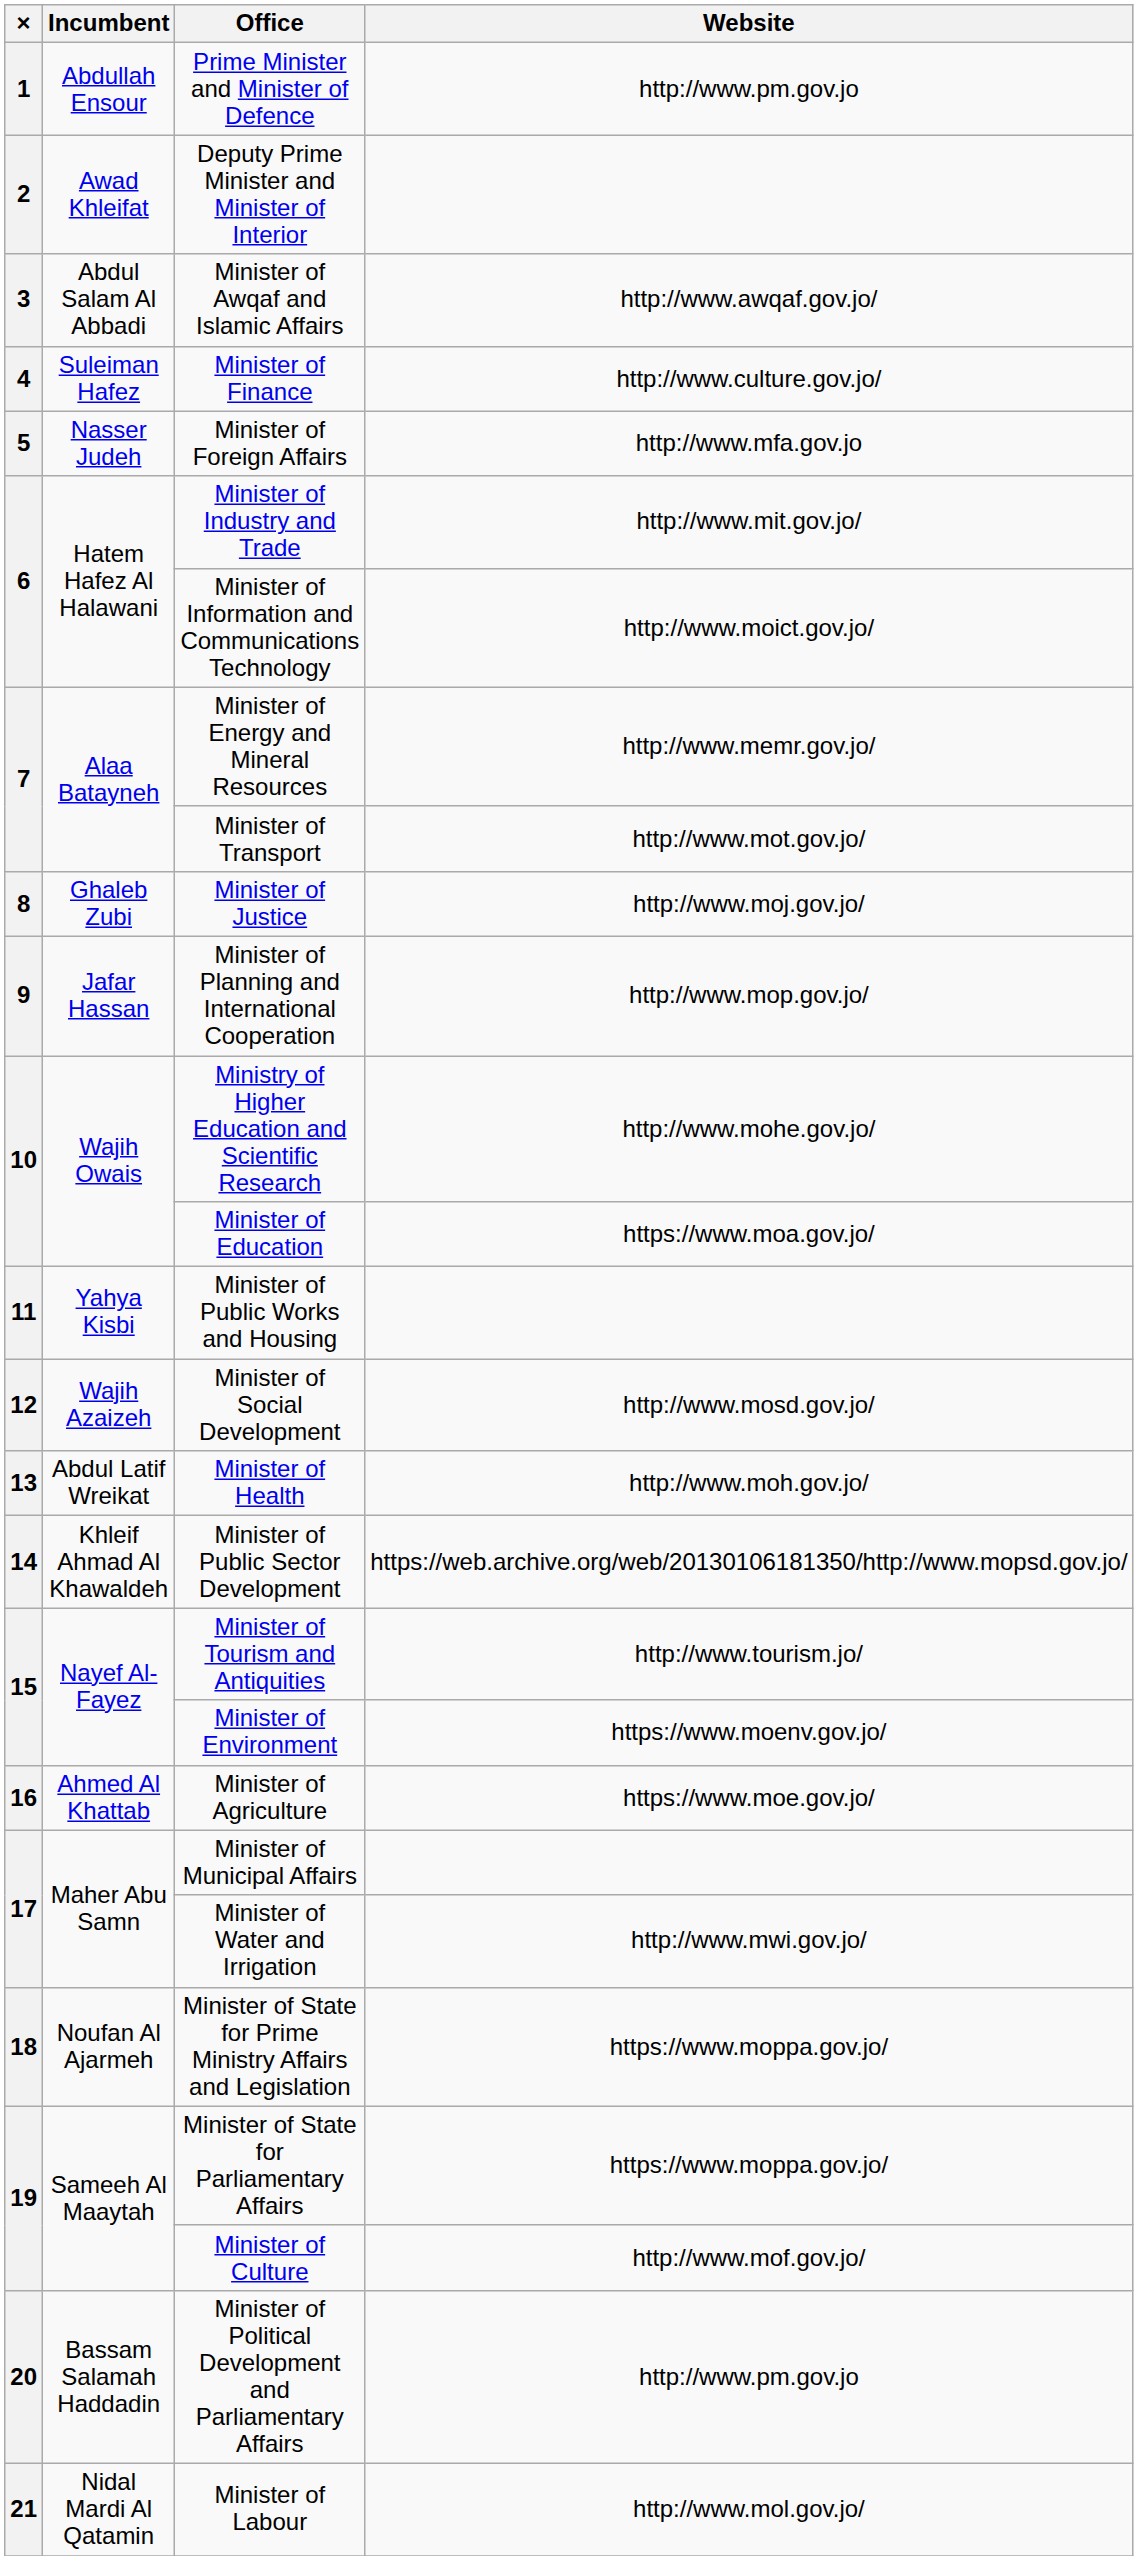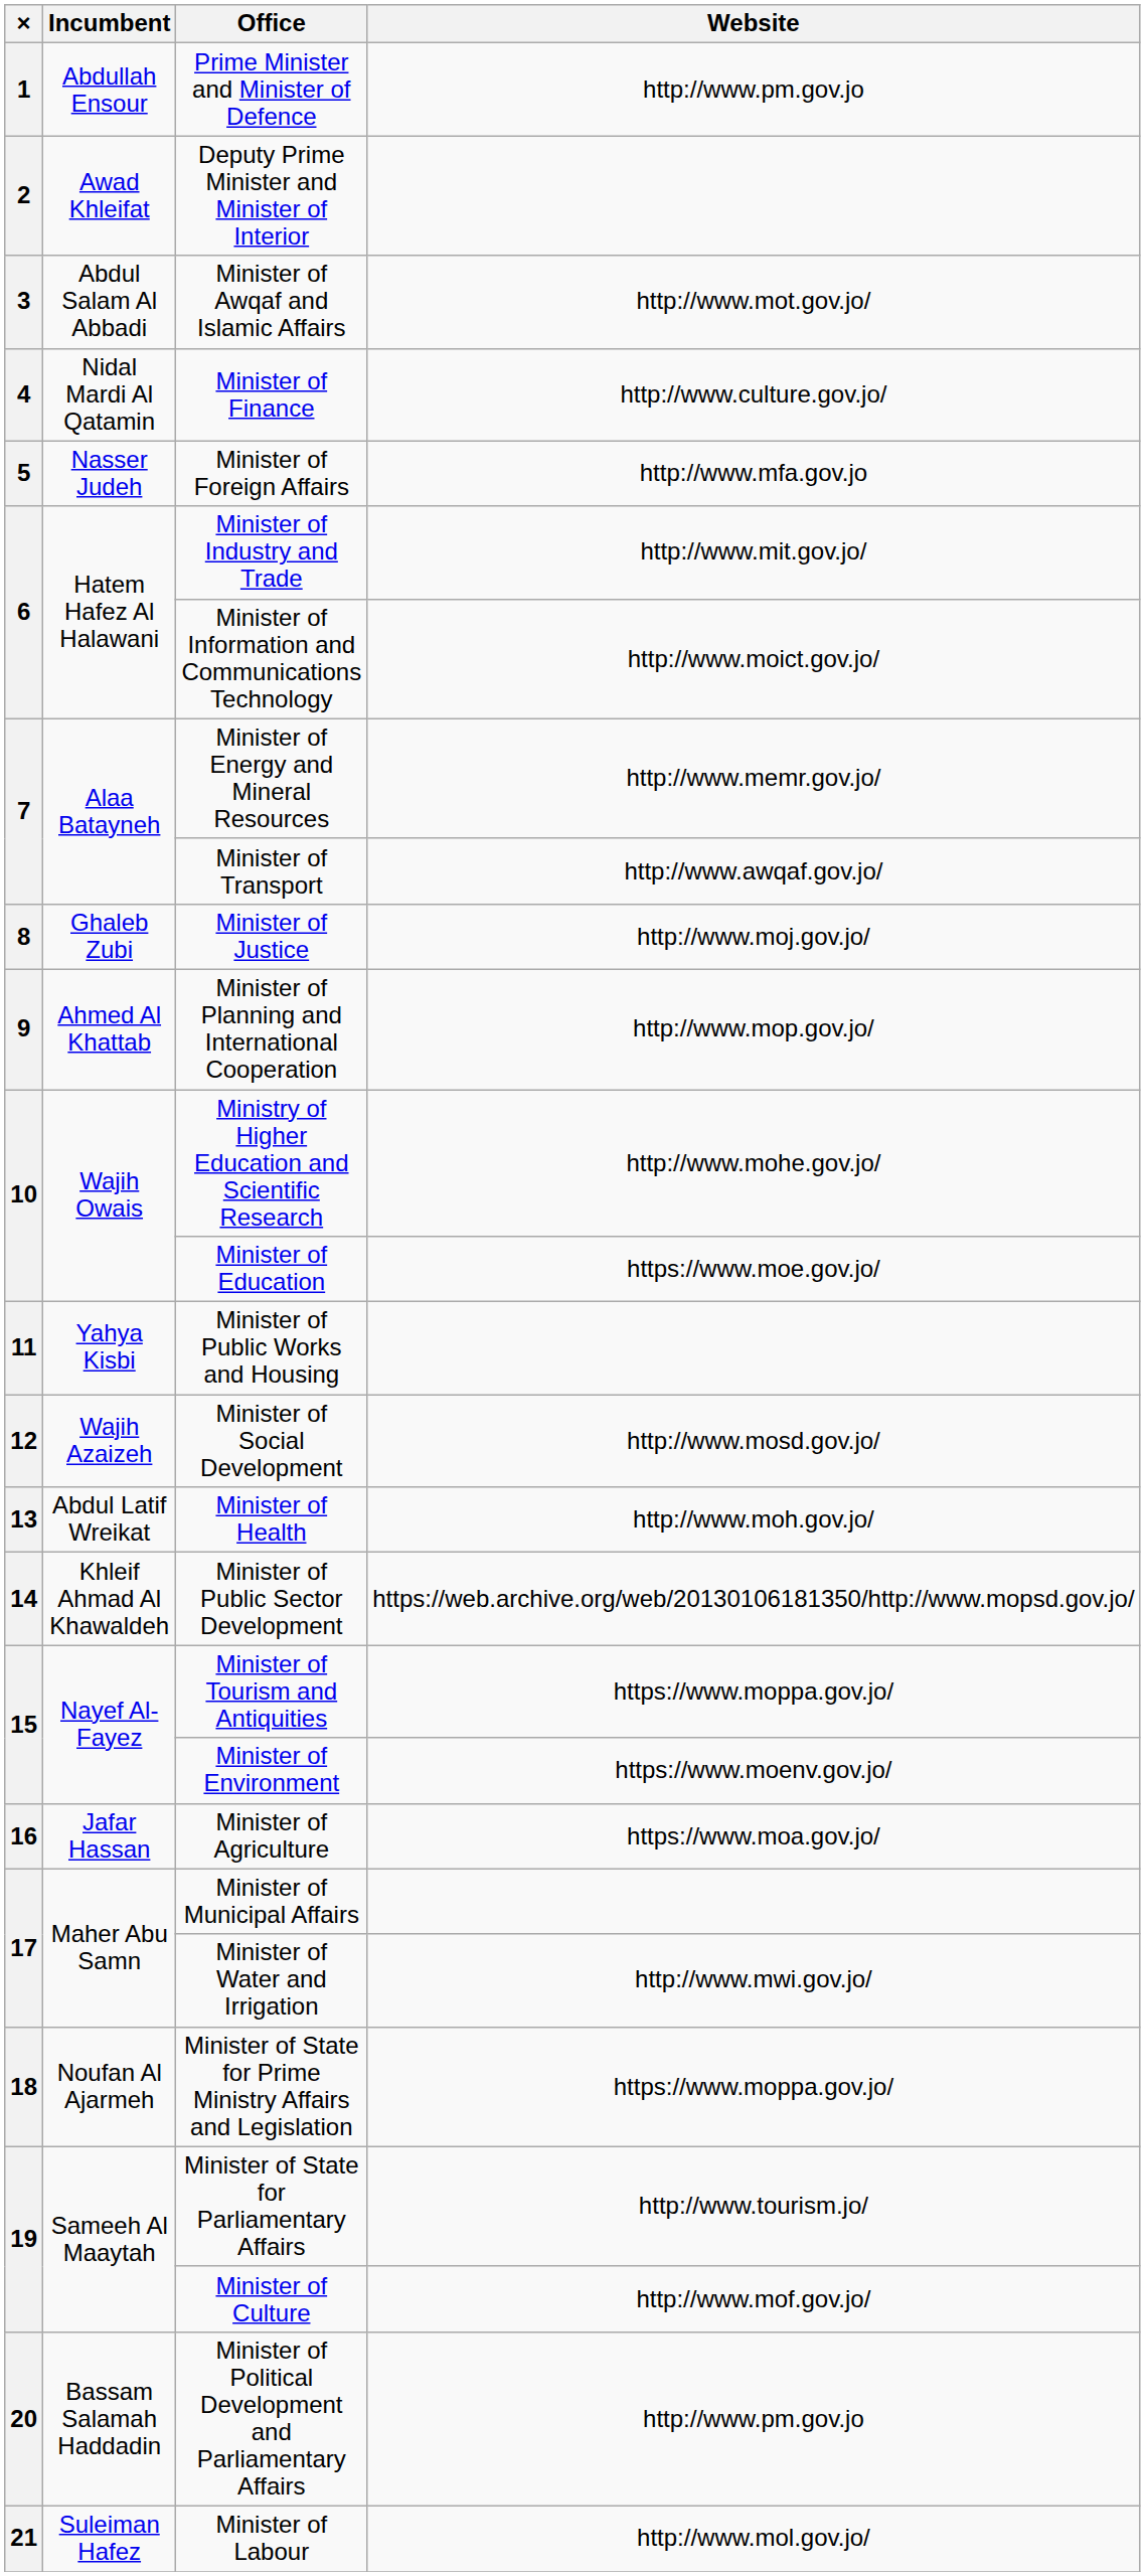 <table class="wikitable" style="text-align: center; width:600px; height: 200px;">
 <tr>
 <th scope="col">×</th>
 <th scope="col">Incumbent</th>
 <th scope="col">Office</th>
 <th scope="col">Website</th>
 </tr>
 <tr>
 <th scope="row">1</th>
 <td><a href='#'>Abdullah Ensour</a></td>
 <td><a href='#'>Prime Minister</a> and <a href='#'>Minister of Defence</a></td>
 <td>http://www.pm.gov.jo</td>
 </tr>
 <tr>
 <th scope="row">2</th>
 <td><a href='#'>Awad Khleifat</a></td>
 <td>Deputy Prime Minister and <a href='#'>Minister of Interior</a></td>
 <td></td>
 </tr>
 <tr>
 <th scope="row">3</th>
 <td>Abdul Salam Al Abbadi</td>
 <td>Minister of Awqaf and Islamic Affairs</td>
-<td>http://www.awqaf.gov.jo/</td>
+<td>http://www.mot.gov.jo/</td>
 </tr>
 <tr>
 <th scope="row">4</th>
-<td><a href='#'>Suleiman Hafez</a></td>
+<td>Nidal Mardi Al Qatamin</td>
 <td><a href='#'>Minister of Finance</a></td>
 <td>http://www.culture.gov.jo/</td>
 </tr>
 <tr>
 <th scope="row">5</th>
 <td><a href='#'>Nasser Judeh</a></td>
 <td>Minister of Foreign Affairs</td>
 <td>http://www.mfa.gov.jo</td>
 </tr>
 <tr>
 <th scope="row" rowspan="2">6</th>
 <td rowspan="2">Hatem Hafez Al Halawani</td>
 <td><a href='#'>Minister of Industry and Trade</a></td>
 <td>http://www.mit.gov.jo/</td>
 </tr>
 <tr>
 <td>Minister of Information and Communications Technology</td>
 <td>http://www.moict.gov.jo/</td>
 </tr>
 <tr>
 <th scope="row" rowspan="2">7</th>
 <td rowspan="2"><a href='#'>Alaa Batayneh</a></td>
 <td>Minister of Energy and Mineral Resources</td>
 <td>http://www.memr.gov.jo/</td>
 </tr>
 <tr>
 <td>Minister of Transport</td>
-<td>http://www.mot.gov.jo/</td>
+<td>http://www.awqaf.gov.jo/</td>
 </tr>
 <tr>
 <th scope="row">8</th>
 <td><a href='#'>Ghaleb Zubi</a></td>
 <td><a href='#'>Minister of Justice</a></td>
 <td>http://www.moj.gov.jo/</td>
 </tr>
 <tr>
 <th scope="row">9</th>
-<td><a href='#'>Jafar Hassan</a></td>
+<td><a href='#'>Ahmed Al Khattab</a></td>
 <td>Minister of Planning and International Cooperation</td>
 <td>http://www.mop.gov.jo/</td>
 </tr>
 <tr>
 <th scope="row" rowspan="2">10</th>
 <td rowspan="2"><a href='#'>Wajih Owais</a></td>
 <td><a href='#'>Ministry of Higher Education and Scientific Research</a></td>
 <td>http://www.mohe.gov.jo/</td>
 </tr>
 <tr>
 <td><a href='#'>Minister of Education</a></td>
-<td>https://www.moa.gov.jo/</td>
+<td>https://www.moe.gov.jo/</td>
 </tr>
 <tr>
 <th scope="row">11</th>
 <td><a href='#'>Yahya Kisbi</a></td>
 <td>Minister of Public Works and Housing</td>
 <td></td>
 </tr>
 <tr>
 <th scope="row">12</th>
 <td><a href='#'>Wajih Azaizeh</a></td>
 <td>Minister of Social Development</td>
 <td>http://www.mosd.gov.jo/</td>
 </tr>
 <tr>
 <th scope="row">13</th>
 <td>Abdul Latif Wreikat</td>
 <td><a href='#'>Minister of Health</a></td>
 <td>http://www.moh.gov.jo/</td>
 </tr>
 <tr>
 <th scope="row">14</th>
 <td>Khleif Ahmad Al Khawaldeh</td>
 <td>Minister of Public Sector Development</td>
 <td>https://web.archive.org/web/20130106181350/http://www.mopsd.gov.jo/</td>
 </tr>
 <tr>
 <th scope="row" rowspan="2">15</th>
 <td rowspan="2"><a href='#'>Nayef Al-Fayez</a></td>
 <td><a href='#'>Minister of Tourism and Antiquities</a></td>
-<td>http://www.tourism.jo/</td>
+<td>https://www.moppa.gov.jo/</td>
 </tr>
 <tr>
 <td><a href='#'>Minister of Environment</a></td>
 <td>https://www.moenv.gov.jo/</td>
 </tr>
 <tr>
 <th scope="row">16</th>
-<td><a href='#'>Ahmed Al Khattab</a></td>
+<td><a href='#'>Jafar Hassan</a></td>
 <td>Minister of Agriculture</td>
-<td>https://www.moe.gov.jo/</td>
+<td>https://www.moa.gov.jo/</td>
 </tr>
 <tr>
 <th scope="row" rowspan="2">17</th>
 <td rowspan="2">Maher Abu Samn</td>
 <td>Minister of Municipal Affairs</td>
 <td></td>
 </tr>
 <tr>
 <td>Minister of Water and Irrigation</td>
 <td>http://www.mwi.gov.jo/</td>
 </tr>
 <tr>
 <th scope="row">18</th>
 <td>Noufan Al Ajarmeh</td>
 <td>Minister of State for Prime Ministry Affairs and Legislation</td>
 <td>https://www.moppa.gov.jo/</td>
 </tr>
 <tr>
 <th scope="row" rowspan="2">19</th>
 <td rowspan="2">Sameeh Al Maaytah</td>
 <td>Minister of State for Parliamentary Affairs</td>
-<td>https://www.moppa.gov.jo/</td>
+<td>http://www.tourism.jo/</td>
 </tr>
 <tr>
 <td><a href='#'>Minister of Culture</a></td>
 <td>http://www.mof.gov.jo/</td>
 </tr>
 <tr>
 <th scope="row">20</th>
 <td>Bassam Salamah Haddadin</td>
 <td>Minister of Political Development and Parliamentary Affairs</td>
 <td>http://www.pm.gov.jo</td>
 </tr>
 <tr>
 <th scope="row">21</th>
-<td>Nidal Mardi Al Qatamin</td>
+<td><a href='#'>Suleiman Hafez</a></td>
 <td>Minister of Labour</td>
 <td>http://www.mol.gov.jo/</td>
 </tr>
 <tr>
 </tr>
 </table>
